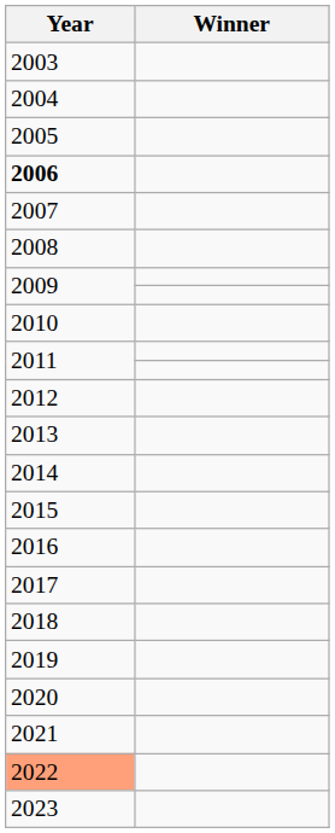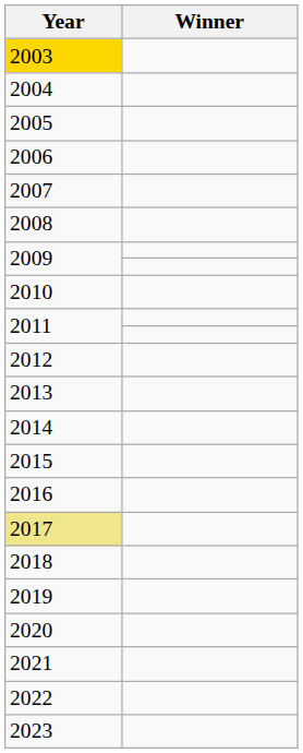 <table class="wikitable sortable" width="25%">
 <tr bgcolor="#efefef">
 <th>Year</th>
 <th>Winner</th>
 </tr>
 <tr>
-<td>2003</td>
+<td style="background: gold;">2003</td>
 <td></td>
 </tr>
 <tr>
 <td>2004</td>
 <td></td>
 </tr>
 <tr>
 <td>2005</td>
 <td></td>
 </tr>
 <tr>
-<td><strong>2006</strong></td>
+<td>2006</td>
 <td></td>
 </tr>
 <tr>
 <td>2007</td>
 <td></td>
 </tr>
 <tr>
 <td>2008</td>
 <td></td>
 </tr>
 <tr>
 <td rowspan=2>2009</td>
 <td></td>
 </tr>
 <tr>
 <td></td>
 </tr>
 <tr>
 <td>2010</td>
 <td></td>
 </tr>
 <tr>
 <td rowspan=2>2011</td>
 <td></td>
 </tr>
 <tr>
 <td></td>
 </tr>
 <tr>
 <td>2012</td>
 <td></td>
 </tr>
 <tr>
 <td>2013</td>
 <td></td>
 </tr>
 <tr>
 <td>2014</td>
 <td></td>
 </tr>
 <tr>
 <td>2015</td>
 <td></td>
 </tr>
 <tr>
 <td>2016</td>
 <td></td>
 </tr>
 <tr>
-<td>2017</td>
+<td style="background: khaki;">2017</td>
 <td></td>
 </tr>
 <tr>
 <td>2018</td>
 <td></td>
 </tr>
 <tr>
 <td>2019</td>
 <td></td>
 </tr>
 <tr>
 <td>2020</td>
 <td></td>
 </tr>
 <tr>
 <td>2021</td>
 <td></td>
 </tr>
 <tr>
-<td style="background: lightsalmon;">2022</td>
+<td>2022</td>
 <td></td>
 </tr>
 <tr>
 <td>2023</td>
 <td></td>
 </tr>
 </table>
